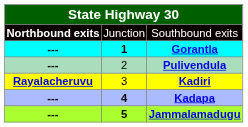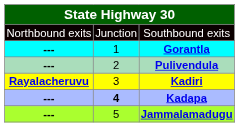 <table border=1 cellpadding=2 style="margin-left:1em; margin-bottom: 1em; color: black; border-collapse: collapse; font-size: 95%;">
 <tr align="center" style="background:#006000; color: white;font-size:120%;">
 <td colspan="3"><strong>State Highway 30</strong></td>
 </tr>
 <tr align="center" style="background:#0a0000; color:white;">
-<td><strong>Northbound exits</strong></td>
+<td>Northbound exits</td>
 <td>Junction</td>
 <td>Southbound exits</td>
 </tr>
 <tr align="center">
 <td bgcolor="#00ffff"><strong>---</strong></td>
-<td bgcolor="#00ffff"><strong>1</strong></td>
+<td bgcolor="#00ffff">1</td>
 <td bgcolor="#00ffff"><strong><a href='#'>Gorantla</a></strong></td>
 </tr>
 <tr align="center">
 <td bgcolor="#aaddbb"><strong>---</strong></td>
 <td bgcolor="#aaddbb">2</td>
 <td bgcolor="#aaddbb"><strong><a href='#'>Pulivendula</a></strong></td>
 </tr>
 <tr align="center">
 <td bgcolor="#ffff00"><strong><a href='#'>Rayalacheruvu</a></strong></td>
 <td bgcolor="ffff00">3</td>
 <td bgcolor="#ffff00"><strong><a href='#'>Kadiri</a></strong></td>
 </tr>
 <tr align="center">
 <td bgcolor="#aabbff"><strong>---</strong></td>
 <td bgcolor="#aabbff"><strong>4</strong></td>
 <td bgcolor="#aabbff"><strong><a href='#'>Kadapa</a></strong></td>
 </tr>
 <tr align="center">
 <td bgcolor="#aaff2f"><strong>---</strong></td>
-<td bgcolor="#aaff2f"><strong>5</strong></td>
+<td bgcolor="#aaff2f">5</td>
 <td bgcolor="#aaff2f"><strong><a href='#'>Jammalamadugu</a></strong></td>
 </tr>
 </table>
